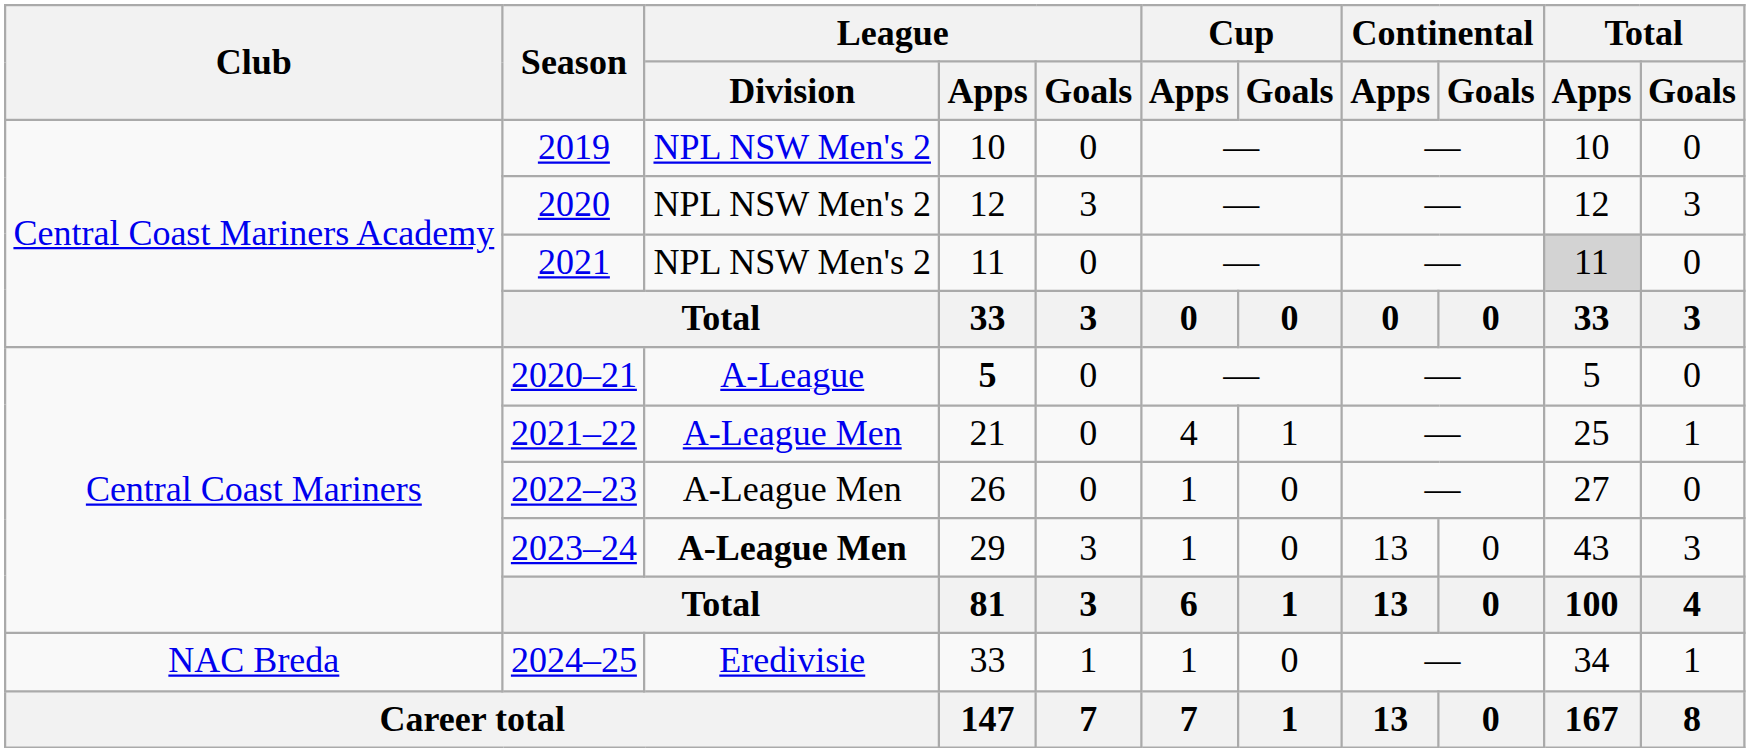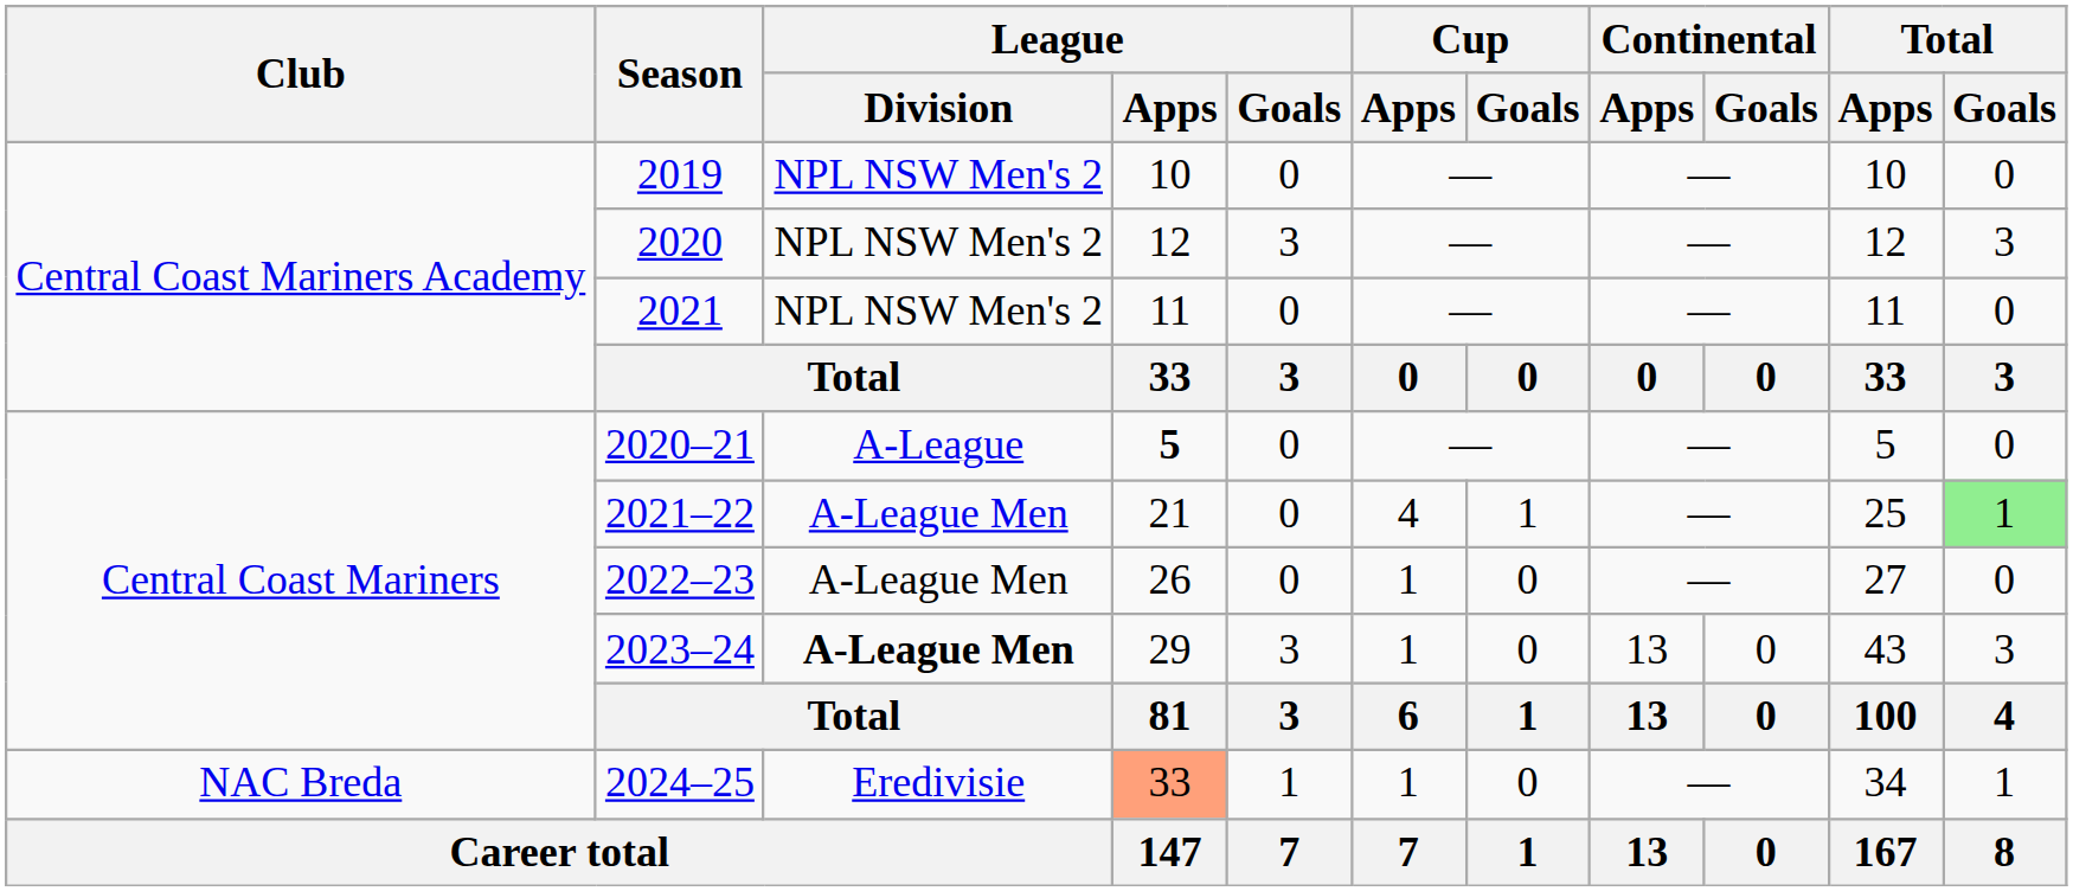 <table class="wikitable" style="text-align:center">
 <tr>
 <th rowspan="2">Club</th>
 <th rowspan="2">Season</th>
 <th colspan="3">League</th>
 <th colspan="2">Cup</th>
 <th colspan="2">Continental</th>
 <th colspan="2">Total</th>
 </tr>
 <tr>
 <th>Division</th>
 <th>Apps</th>
 <th>Goals</th>
 <th>Apps</th>
 <th>Goals</th>
 <th>Apps</th>
 <th>Goals</th>
 <th>Apps</th>
 <th>Goals</th>
 </tr>
 <tr>
 <td rowspan=4><a href='#'>Central Coast Mariners Academy</a></td>
 <td><a href='#'>2019</a></td>
 <td><a href='#'>NPL NSW Men's 2</a></td>
 <td>10</td>
 <td>0</td>
 <td colspan="2">—</td>
 <td colspan="2">—</td>
 <td>10</td>
 <td>0</td>
 </tr>
 <tr>
 <td><a href='#'>2020</a></td>
 <td>NPL NSW Men's 2</td>
 <td>12</td>
 <td>3</td>
 <td colspan=2>—</td>
 <td colspan=2>—</td>
 <td>12</td>
 <td>3</td>
 </tr>
 <tr>
 <td><a href='#'>2021</a></td>
 <td>NPL NSW Men's 2</td>
 <td>11</td>
 <td>0</td>
 <td colspan=2>—</td>
 <td colspan=2>—</td>
-<td style="background: lightgrey;">11</td>
+<td>11</td>
 <td>0</td>
 </tr>
 <tr>
 <th colspan=2>Total</th>
 <th>33</th>
 <th>3</th>
 <th>0</th>
 <th>0</th>
 <th>0</th>
 <th>0</th>
 <th>33</th>
 <th>3</th>
 </tr>
 <tr>
 <td rowspan="5"><a href='#'>Central Coast Mariners</a></td>
 <td><a href='#'>2020–21</a></td>
 <td><a href='#'>A-League</a></td>
 <td><strong>5</strong></td>
 <td>0</td>
 <td colspan="2">—</td>
 <td colspan="2">—</td>
 <td>5</td>
 <td>0</td>
 </tr>
 <tr>
 <td><a href='#'>2021–22</a></td>
 <td rowspan="1"><a href='#'>A-League Men</a></td>
 <td>21</td>
 <td>0</td>
 <td>4</td>
 <td>1</td>
 <td colspan="2">—</td>
 <td>25</td>
-<td>1</td>
+<td style="background: lightgreen;">1</td>
 </tr>
 <tr>
 <td><a href='#'>2022–23</a></td>
 <td>A-League Men</td>
 <td>26</td>
 <td>0</td>
 <td>1</td>
 <td>0</td>
 <td colspan="2">—</td>
 <td>27</td>
 <td>0</td>
 </tr>
 <tr>
 <td><a href='#'>2023–24</a></td>
 <td><strong>A-League Men</strong></td>
 <td>29</td>
 <td>3</td>
 <td>1</td>
 <td>0</td>
 <td>13</td>
 <td>0</td>
 <td>43</td>
 <td>3</td>
 </tr>
 <tr>
 <th colspan="2">Total</th>
 <th>81</th>
 <th>3</th>
 <th>6</th>
 <th>1</th>
 <th>13</th>
 <th>0</th>
 <th>100</th>
 <th>4</th>
 </tr>
 <tr>
 <td><a href='#'>NAC Breda</a></td>
 <td><a href='#'>2024–25</a></td>
 <td><a href='#'>Eredivisie</a></td>
-<td>33</td>
+<td style="background: lightsalmon;">33</td>
 <td>1</td>
 <td>1</td>
 <td>0</td>
 <td colspan=2>—</td>
 <td>34</td>
 <td>1</td>
 </tr>
 <tr>
 <th colspan="3">Career total</th>
 <th>147</th>
 <th>7</th>
 <th>7</th>
 <th>1</th>
 <th>13</th>
 <th>0</th>
 <th>167</th>
 <th>8</th>
 </tr>
 </table>
